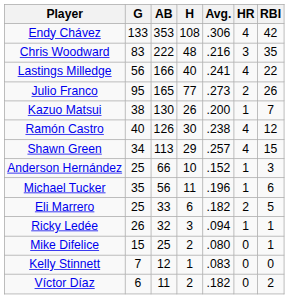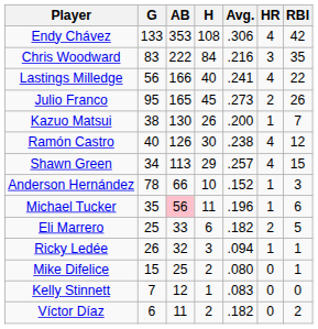 <table class="wikitable sortable">
 <tr>
 <th>Player</th>
 <th>G</th>
 <th>AB</th>
 <th>H</th>
 <th>Avg.</th>
 <th>HR</th>
 <th>RBI</th>
 </tr>
 <tr align="center">
 <td><a href='#'>Endy Chávez</a></td>
 <td>133</td>
 <td>353</td>
 <td>108</td>
 <td>.306</td>
 <td>4</td>
 <td>42</td>
 </tr>
 <tr align="center">
 <td><a href='#'>Chris Woodward</a></td>
 <td>83</td>
 <td>222</td>
-<td>48</td>
+<td>84</td>
 <td>.216</td>
 <td>3</td>
 <td>35</td>
 </tr>
 <tr align="center">
 <td><a href='#'>Lastings Milledge</a></td>
 <td>56</td>
 <td>166</td>
 <td>40</td>
 <td>.241</td>
 <td>4</td>
 <td>22</td>
 </tr>
 <tr align="center">
 <td><a href='#'>Julio Franco</a></td>
 <td>95</td>
 <td>165</td>
-<td>77</td>
+<td>45</td>
 <td>.273</td>
 <td>2</td>
 <td>26</td>
 </tr>
 <tr align="center">
 <td><a href='#'>Kazuo Matsui</a></td>
 <td>38</td>
 <td>130</td>
 <td>26</td>
 <td>.200</td>
 <td>1</td>
 <td>7</td>
 </tr>
 <tr align="center">
 <td><a href='#'>Ramón Castro</a></td>
 <td>40</td>
 <td>126</td>
 <td>30</td>
 <td>.238</td>
 <td>4</td>
 <td>12</td>
 </tr>
 <tr align="center">
 <td><a href='#'>Shawn Green</a></td>
 <td>34</td>
 <td>113</td>
 <td>29</td>
 <td>.257</td>
 <td>4</td>
 <td>15</td>
 </tr>
 <tr align="center">
 <td><a href='#'>Anderson Hernández</a></td>
-<td>25</td>
+<td>78</td>
 <td>66</td>
 <td>10</td>
 <td>.152</td>
 <td>1</td>
 <td>3</td>
 </tr>
 <tr align=center>
 <td><a href='#'>Michael Tucker</a></td>
 <td>35</td>
-<td>56</td>
+<td style="background: pink;">56</td>
 <td>11</td>
 <td>.196</td>
 <td>1</td>
 <td>6</td>
 </tr>
 <tr align="center">
 <td><a href='#'>Eli Marrero</a></td>
 <td>25</td>
 <td>33</td>
 <td>6</td>
 <td>.182</td>
 <td>2</td>
 <td>5</td>
 </tr>
 <tr align="center">
 <td><a href='#'>Ricky Ledée</a></td>
 <td>26</td>
 <td>32</td>
 <td>3</td>
 <td>.094</td>
 <td>1</td>
 <td>1</td>
 </tr>
 <tr align="center">
 <td><a href='#'>Mike Difelice</a></td>
 <td>15</td>
 <td>25</td>
 <td>2</td>
 <td>.080</td>
 <td>0</td>
 <td>1</td>
 </tr>
 <tr align="center">
 <td><a href='#'>Kelly Stinnett</a></td>
 <td>7</td>
 <td>12</td>
 <td>1</td>
 <td>.083</td>
 <td>0</td>
 <td>0</td>
 </tr>
 <tr align="center">
 <td><a href='#'>Víctor Díaz</a></td>
 <td>6</td>
 <td>11</td>
 <td>2</td>
 <td>.182</td>
 <td>0</td>
 <td>2</td>
 </tr>
 </table>
